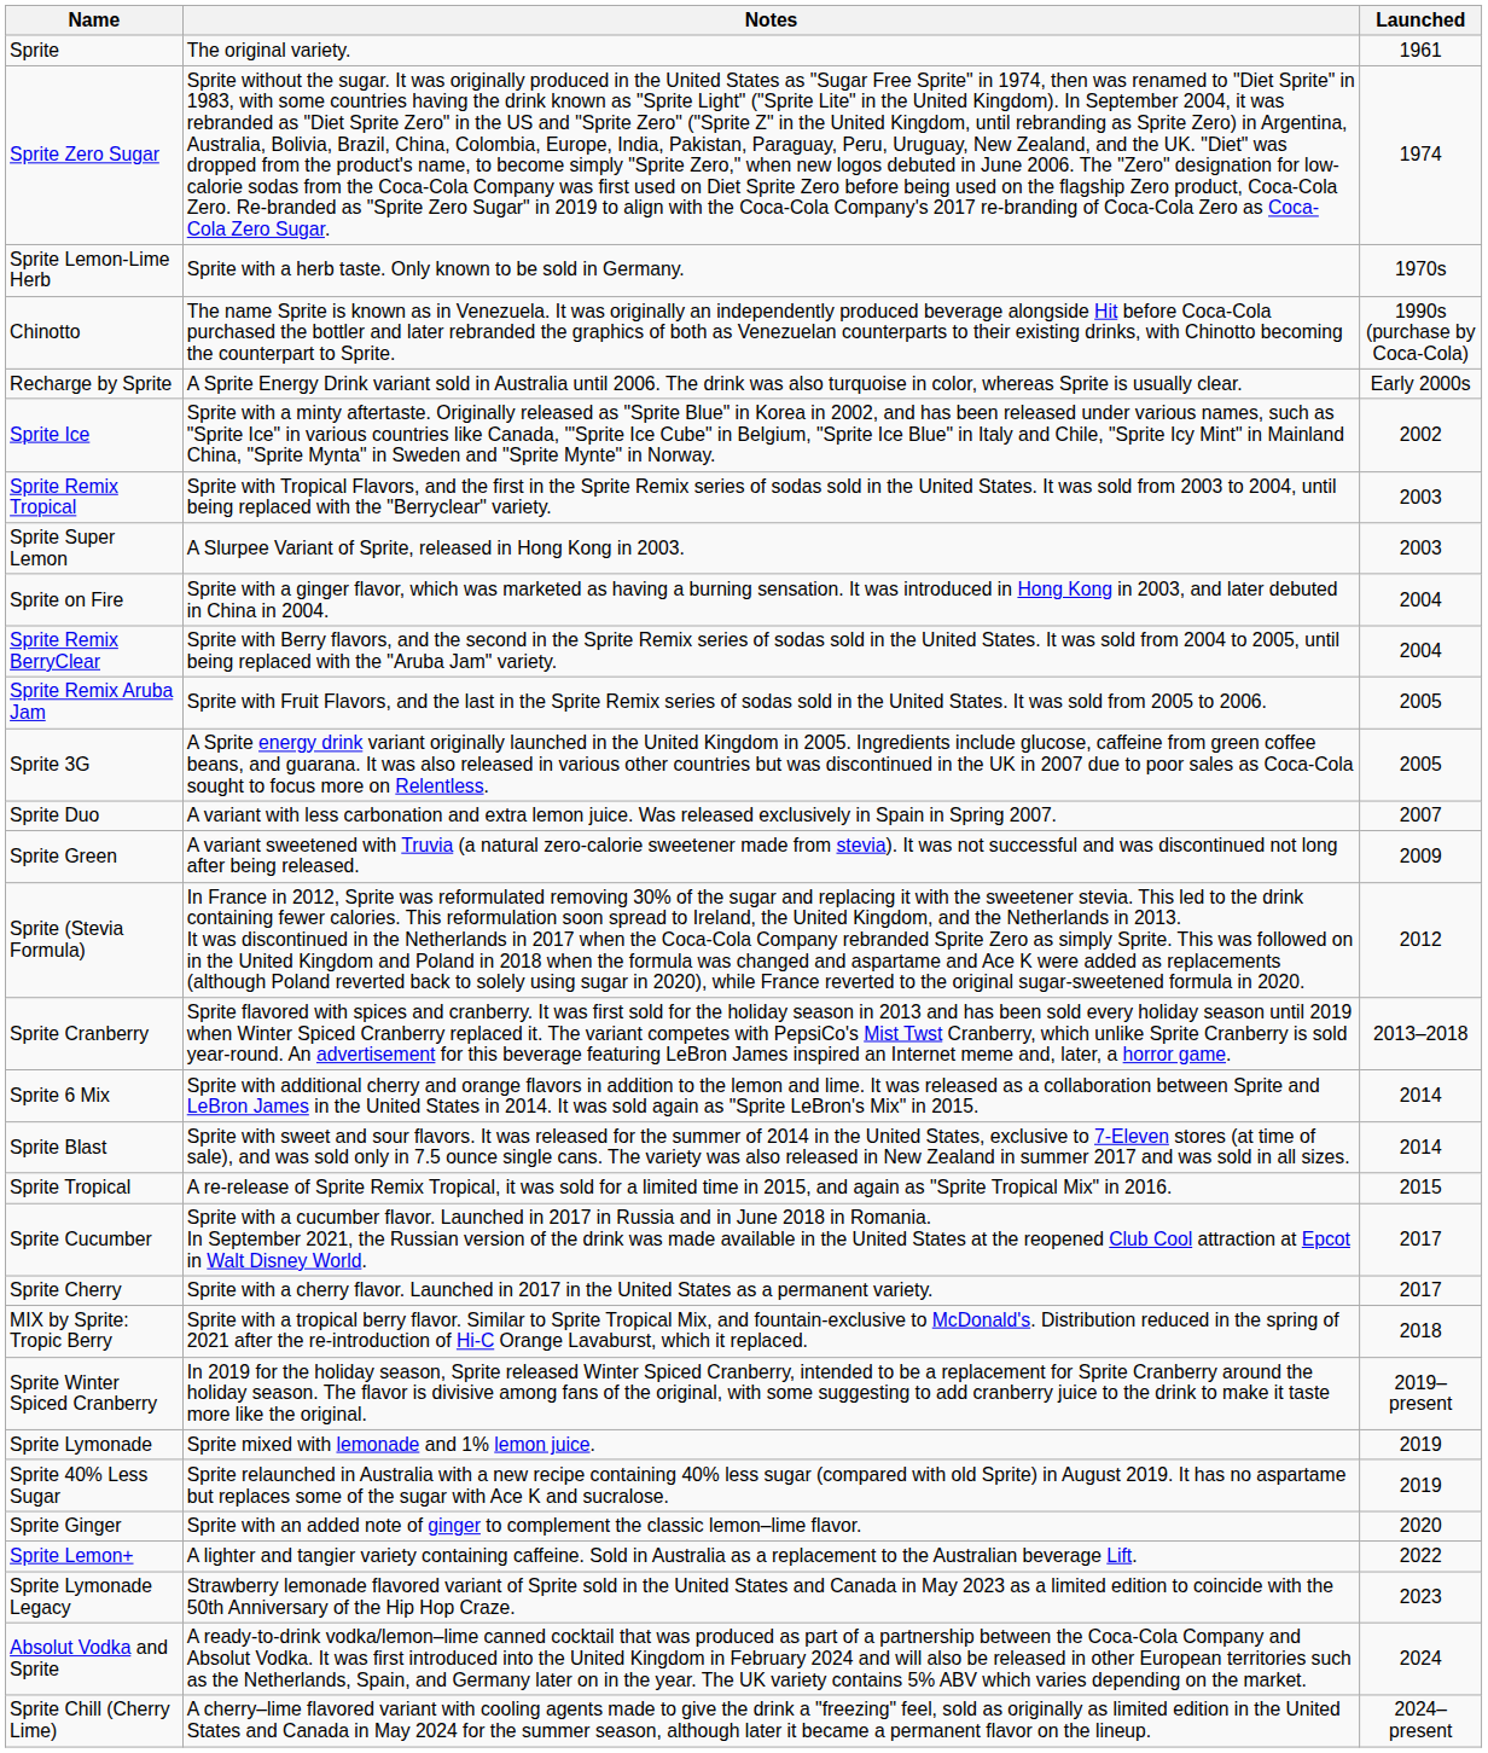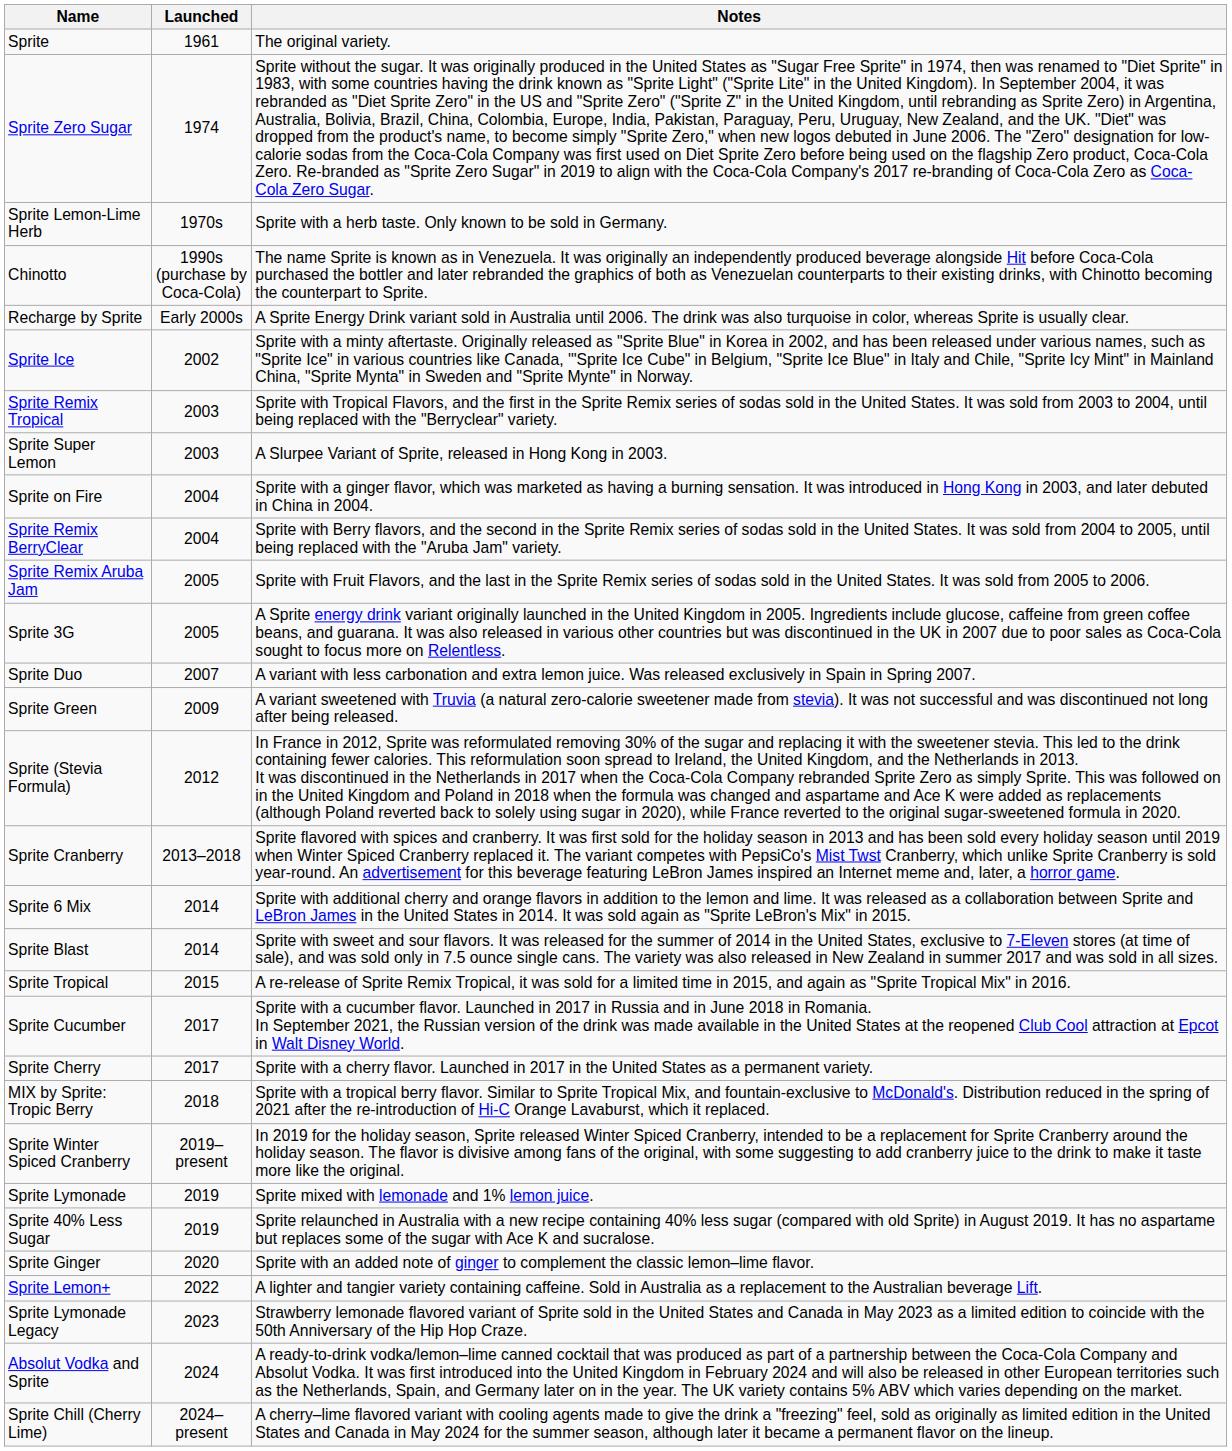 <table class="wikitable">
 <tr>
 <th width=12%>Name</th>
+<th>Launched</th>
 <th>Notes</th>
-<th>Launched</th>
 </tr>
 <tr>
 <td>Sprite</td>
+<td style="text-align:center;">1961</td>
 <td>The original variety.</td>
-<td style="text-align:center;">1961</td>
 </tr>
 <tr>
 <td><a href='#'>Sprite Zero Sugar</a></td>
+<td style="text-align:center;">1974</td>
 <td>Sprite without the sugar. It was originally produced in the United States as "Sugar Free Sprite" in 1974, then was renamed to "Diet Sprite" in 1983, with some countries having the drink known as "Sprite Light" ("Sprite Lite" in the United Kingdom). In September 2004, it was rebranded as "Diet Sprite Zero" in the US and "Sprite Zero" ("Sprite Z" in the United Kingdom, until rebranding as Sprite Zero) in Argentina, Australia, Bolivia, Brazil, China, Colombia, Europe, India, Pakistan, Paraguay, Peru, Uruguay, New Zealand, and the UK. "Diet" was dropped from the product's name, to become simply "Sprite Zero," when new logos debuted in June 2006. The "Zero" designation for low-calorie sodas from the Coca-Cola Company was first used on Diet Sprite Zero before being used on the flagship Zero product, Coca-Cola Zero. Re-branded as "Sprite Zero Sugar" in 2019 to align with the Coca-Cola Company's 2017 re-branding of Coca-Cola Zero as <a href='#'>Coca-Cola Zero Sugar</a>.</td>
-<td style="text-align:center;">1974</td>
 </tr>
 <tr>
 <td>Sprite Lemon-Lime Herb</td>
+<td style="text-align:center;">1970s</td>
 <td>Sprite with a herb taste. Only known to be sold in Germany.</td>
-<td style="text-align:center;">1970s</td>
 </tr>
 <tr>
 <td>Chinotto</td>
+<td style="text-align:center;">1990s (purchase by Coca-Cola)</td>
 <td>The name Sprite is known as in Venezuela. It was originally an independently produced beverage alongside <a href='#'>Hit</a> before Coca-Cola purchased the bottler and later rebranded the graphics of both as Venezuelan counterparts to their existing drinks, with Chinotto becoming the counterpart to Sprite.</td>
-<td style="text-align:center;">1990s (purchase by Coca-Cola)</td>
 </tr>
 <tr>
 <td>Recharge by Sprite</td>
+<td style="text-align:center;">Early 2000s</td>
 <td>A Sprite Energy Drink variant sold in Australia until 2006. The drink was also turquoise in color, whereas Sprite is usually clear.</td>
-<td style="text-align:center;">Early 2000s</td>
 </tr>
 <tr>
 <td><a href='#'>Sprite Ice</a></td>
+<td style="text-align:center;">2002</td>
 <td>Sprite with a minty aftertaste. Originally released as "Sprite Blue" in Korea in 2002, and has been released under various names, such as "Sprite Ice" in various countries like Canada, '"Sprite Ice Cube" in Belgium,  "Sprite Ice Blue" in Italy and Chile, "Sprite Icy Mint" in Mainland China, "Sprite Mynta" in Sweden and "Sprite Mynte" in Norway.</td>
-<td style="text-align:center;">2002</td>
 </tr>
 <tr>
 <td><a href='#'>Sprite Remix Tropical</a></td>
+<td style="text-align:center;">2003</td>
 <td>Sprite with Tropical Flavors, and the first in the Sprite Remix series of sodas sold in the United States. It was sold from 2003 to 2004, until being replaced with the "Berryclear" variety.</td>
-<td style="text-align:center;">2003</td>
 </tr>
 <tr>
 <td>Sprite Super Lemon</td>
+<td style="text-align:center;">2003</td>
 <td>A Slurpee Variant of Sprite, released in Hong Kong in 2003.</td>
-<td style="text-align:center;">2003</td>
 </tr>
 <tr>
 <td>Sprite on Fire</td>
+<td style="text-align:center;">2004</td>
 <td>Sprite with a ginger flavor, which was marketed as having a burning sensation. It was introduced in <a href='#'>Hong Kong</a> in 2003, and later debuted in China in 2004.</td>
-<td style="text-align:center;">2004</td>
 </tr>
 <tr>
 <td><a href='#'>Sprite Remix BerryClear</a></td>
+<td style="text-align:center;">2004</td>
 <td>Sprite with Berry flavors, and the second in the Sprite Remix series of sodas sold in the United States. It was sold from 2004 to 2005, until being replaced with the "Aruba Jam" variety.</td>
-<td style="text-align:center;">2004</td>
 </tr>
 <tr>
 <td><a href='#'>Sprite Remix Aruba Jam</a></td>
+<td style="text-align:center;">2005</td>
 <td>Sprite with Fruit Flavors, and the last in the Sprite Remix series of sodas sold in the United States. It was sold from 2005 to 2006.</td>
-<td style="text-align:center;">2005</td>
 </tr>
 <tr>
 <td>Sprite 3G</td>
+<td style="text-align:center;">2005</td>
 <td>A Sprite <a href='#'>energy drink</a> variant originally launched in the United Kingdom in 2005. Ingredients include glucose, caffeine from green coffee beans, and guarana. It was also released in various other countries but was discontinued in the UK in 2007 due to poor sales as Coca-Cola sought to focus more on <a href='#'>Relentless</a>.</td>
-<td style="text-align:center;">2005</td>
 </tr>
 <tr>
 <td>Sprite Duo</td>
+<td style="text-align:center;">2007</td>
 <td>A variant with less carbonation and extra lemon juice. Was released exclusively in Spain in Spring 2007.</td>
-<td style="text-align:center;">2007</td>
 </tr>
 <tr>
 <td>Sprite Green</td>
+<td style="text-align:center;">2009</td>
 <td>A variant sweetened with <a href='#'>Truvia</a> (a natural zero-calorie sweetener made from <a href='#'>stevia</a>). It was not successful and was discontinued not long after being released.</td>
-<td style="text-align:center;">2009</td>
 </tr>
 <tr>
 <td>Sprite (Stevia Formula)</td>
+<td style="text-align:center;">2012</td>
 <td>In France in 2012, Sprite was reformulated removing 30% of the sugar and replacing it with the sweetener stevia. This led to the drink containing fewer calories. This reformulation soon spread to Ireland, the United Kingdom, and the Netherlands in 2013.<br>It was discontinued in the Netherlands in 2017 when the Coca-Cola Company rebranded Sprite Zero as simply Sprite. This was followed on in the United Kingdom and Poland in 2018 when the formula was changed and aspartame and Ace K were added as replacements (although Poland reverted back to solely using sugar in 2020), while France reverted to the original sugar-sweetened formula in 2020.</td>
-<td style="text-align:center;">2012</td>
 </tr>
 <tr>
 <td>Sprite Cranberry</td>
+<td style="text-align:center;">2013–2018</td>
 <td>Sprite flavored with spices and cranberry. It was first sold for the holiday season in 2013 and has been sold every holiday season until 2019 when Winter Spiced Cranberry replaced it. The variant competes with PepsiCo's <a href='#'>Mist Twst</a> Cranberry, which unlike Sprite Cranberry is sold year-round. An <a href='#'>advertisement</a> for this beverage featuring LeBron James inspired an Internet meme and, later, a <a href='#'>horror game</a>.</td>
-<td style="text-align:center;">2013–2018</td>
 </tr>
 <tr>
 <td>Sprite 6 Mix</td>
+<td style="text-align:center;">2014</td>
 <td>Sprite with additional cherry and orange flavors in addition to the lemon and lime. It was released as a collaboration between Sprite and <a href='#'>LeBron James</a> in the United States in 2014. It was sold again as "Sprite LeBron's Mix" in 2015.</td>
-<td style="text-align:center;">2014</td>
 </tr>
 <tr>
 <td>Sprite Blast</td>
+<td style="text-align:center;">2014</td>
 <td>Sprite with sweet and sour flavors. It was released for the summer of 2014 in the United States, exclusive to <a href='#'>7-Eleven</a> stores (at time of sale), and was sold only in 7.5 ounce single cans. The variety was also released in New Zealand in summer 2017 and was sold in all sizes.</td>
-<td style="text-align:center;">2014</td>
 </tr>
 <tr>
 <td>Sprite Tropical</td>
+<td style="text-align:center;">2015</td>
 <td>A re-release of Sprite Remix Tropical, it was sold for a limited time in 2015, and again as "Sprite Tropical Mix" in 2016.</td>
-<td style="text-align:center;">2015</td>
 </tr>
 <tr>
 <td>Sprite Cucumber</td>
+<td style="text-align:center;">2017</td>
 <td>Sprite with a cucumber flavor. Launched in 2017 in Russia and in June 2018 in Romania.<br>In September 2021, the Russian version of the drink was made available in the United States at the reopened <a href='#'>Club Cool</a> attraction at <a href='#'>Epcot</a> in <a href='#'>Walt Disney World</a>.</td>
-<td style="text-align:center;">2017</td>
 </tr>
 <tr>
 <td>Sprite Cherry</td>
+<td style="text-align:center;">2017</td>
 <td>Sprite with a cherry flavor. Launched in 2017 in the United States as a permanent variety.</td>
-<td style="text-align:center;">2017</td>
 </tr>
 <tr>
 <td>MIX by Sprite: Tropic Berry</td>
+<td style="text-align:center;">2018</td>
 <td>Sprite with a tropical berry flavor. Similar to Sprite Tropical Mix, and fountain-exclusive to <a href='#'>McDonald's</a>. Distribution reduced in the spring of 2021 after the re-introduction of <a href='#'>Hi-C</a> Orange Lavaburst, which it replaced.</td>
-<td style="text-align:center;">2018</td>
 </tr>
 <tr>
 <td>Sprite Winter Spiced Cranberry</td>
+<td style="text-align:center;">2019–present</td>
 <td>In 2019 for the holiday season, Sprite released Winter Spiced Cranberry, intended to be a replacement for Sprite Cranberry around the holiday season. The flavor is divisive among fans of the original, with some suggesting to add cranberry juice to the drink to make it taste more like the original.</td>
-<td style="text-align:center;">2019–present</td>
 </tr>
 <tr>
 <td>Sprite Lymonade</td>
+<td style="text-align:center;">2019</td>
 <td>Sprite mixed with <a href='#'>lemonade</a> and 1% <a href='#'>lemon juice</a>.</td>
-<td style="text-align:center;">2019</td>
 </tr>
 <tr>
 <td>Sprite 40% Less Sugar</td>
+<td style="text-align:center;">2019</td>
 <td>Sprite relaunched in Australia with a new recipe containing 40% less sugar (compared with old Sprite) in August 2019. It has no aspartame but replaces some of the sugar with Ace K and sucralose.</td>
-<td style="text-align:center;">2019</td>
 </tr>
 <tr>
 <td>Sprite Ginger</td>
+<td style="text-align:center;">2020</td>
 <td>Sprite with an added note of <a href='#'>ginger</a> to complement the classic lemon–lime flavor.</td>
-<td style="text-align:center;">2020</td>
 </tr>
 <tr>
 <td><a href='#'>Sprite Lemon+</a></td>
+<td style="text-align:center;">2022</td>
 <td>A lighter and tangier variety containing caffeine. Sold in Australia as a replacement to the Australian beverage <a href='#'>Lift</a>.</td>
-<td style="text-align:center;">2022</td>
 </tr>
 <tr>
 <td>Sprite Lymonade Legacy</td>
+<td style="text-align:center;">2023</td>
 <td>Strawberry lemonade flavored variant of Sprite sold in the United States and Canada in May 2023 as a limited edition to coincide with the 50th Anniversary of the Hip Hop Craze.</td>
-<td style="text-align:center;">2023</td>
 </tr>
 <tr>
 <td><a href='#'>Absolut Vodka</a> and Sprite</td>
+<td style="text-align:center;">2024</td>
 <td>A ready-to-drink vodka/lemon–lime canned cocktail that was produced as part of a partnership between the Coca-Cola Company and Absolut Vodka. It was first introduced into the United Kingdom in February 2024 and will also be released in other European territories such as the Netherlands, Spain, and Germany later on in the year. The UK variety contains 5% ABV which varies depending on the market.</td>
-<td style="text-align:center;">2024</td>
 </tr>
 <tr>
 <td>Sprite Chill (Cherry Lime)</td>
+<td style="text-align:center;">2024–present</td>
 <td>A cherry–lime flavored variant with cooling agents made to give the drink a "freezing" feel, sold as originally as limited edition in the United States and Canada in May 2024 for the summer season, although later it became a permanent flavor on the lineup.</td>
-<td style="text-align:center;">2024–present</td>
 </tr>
 </table>
